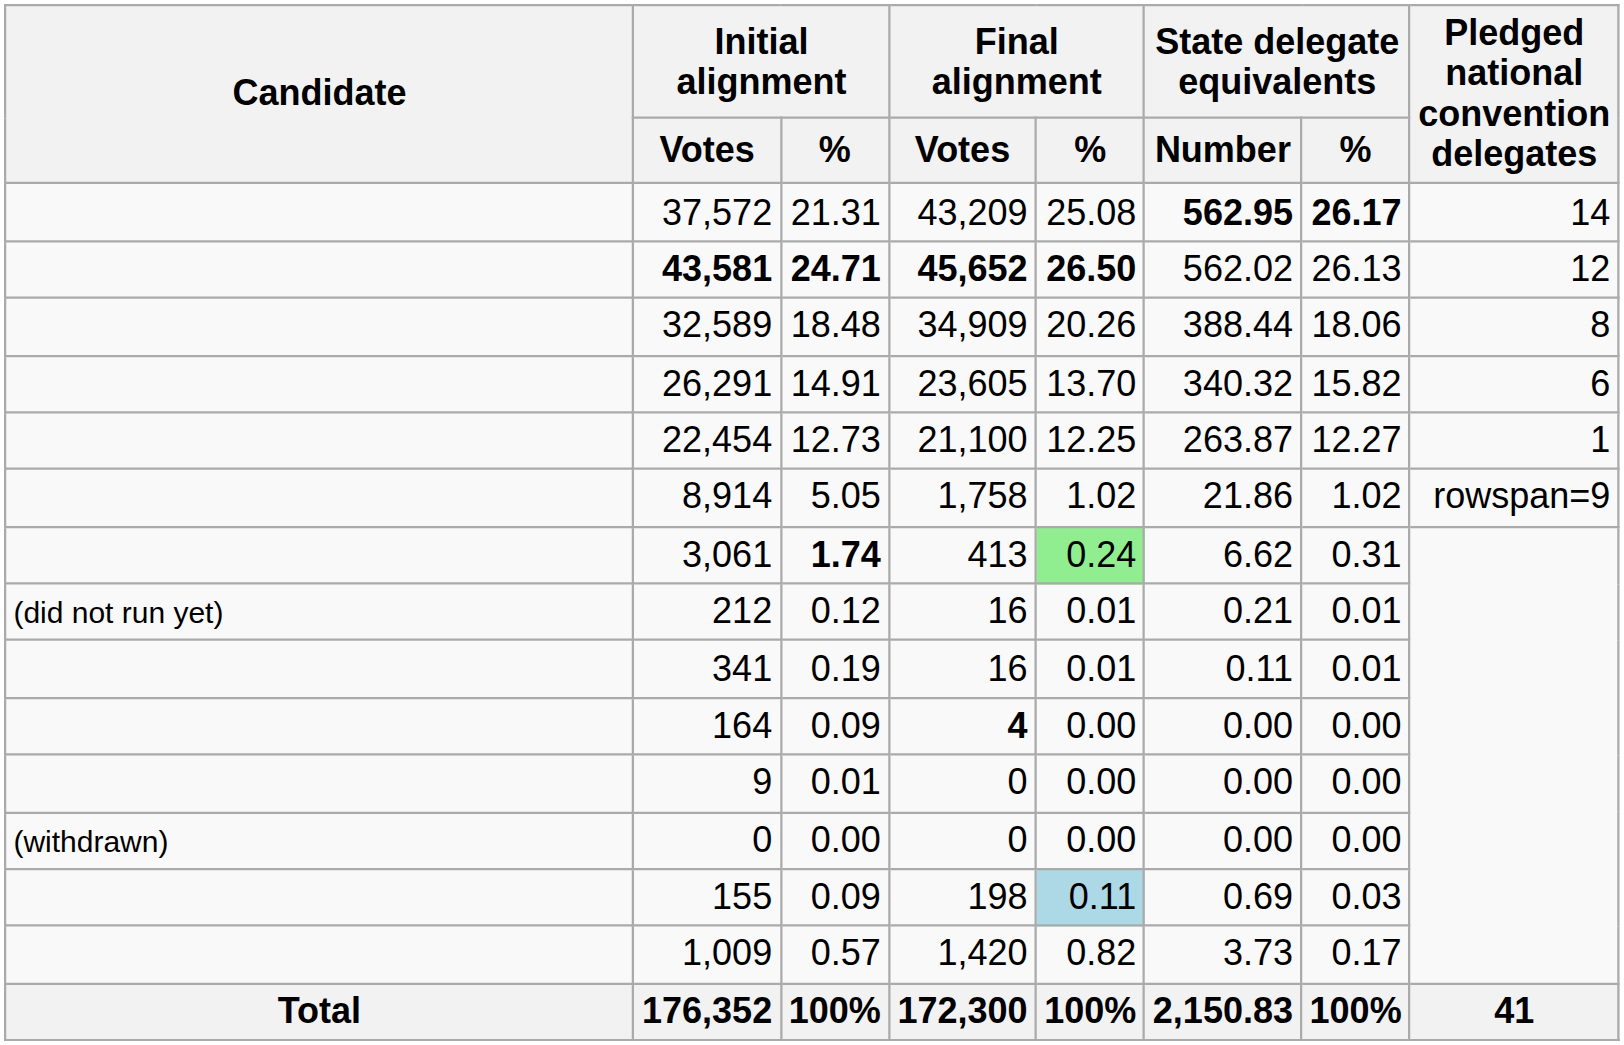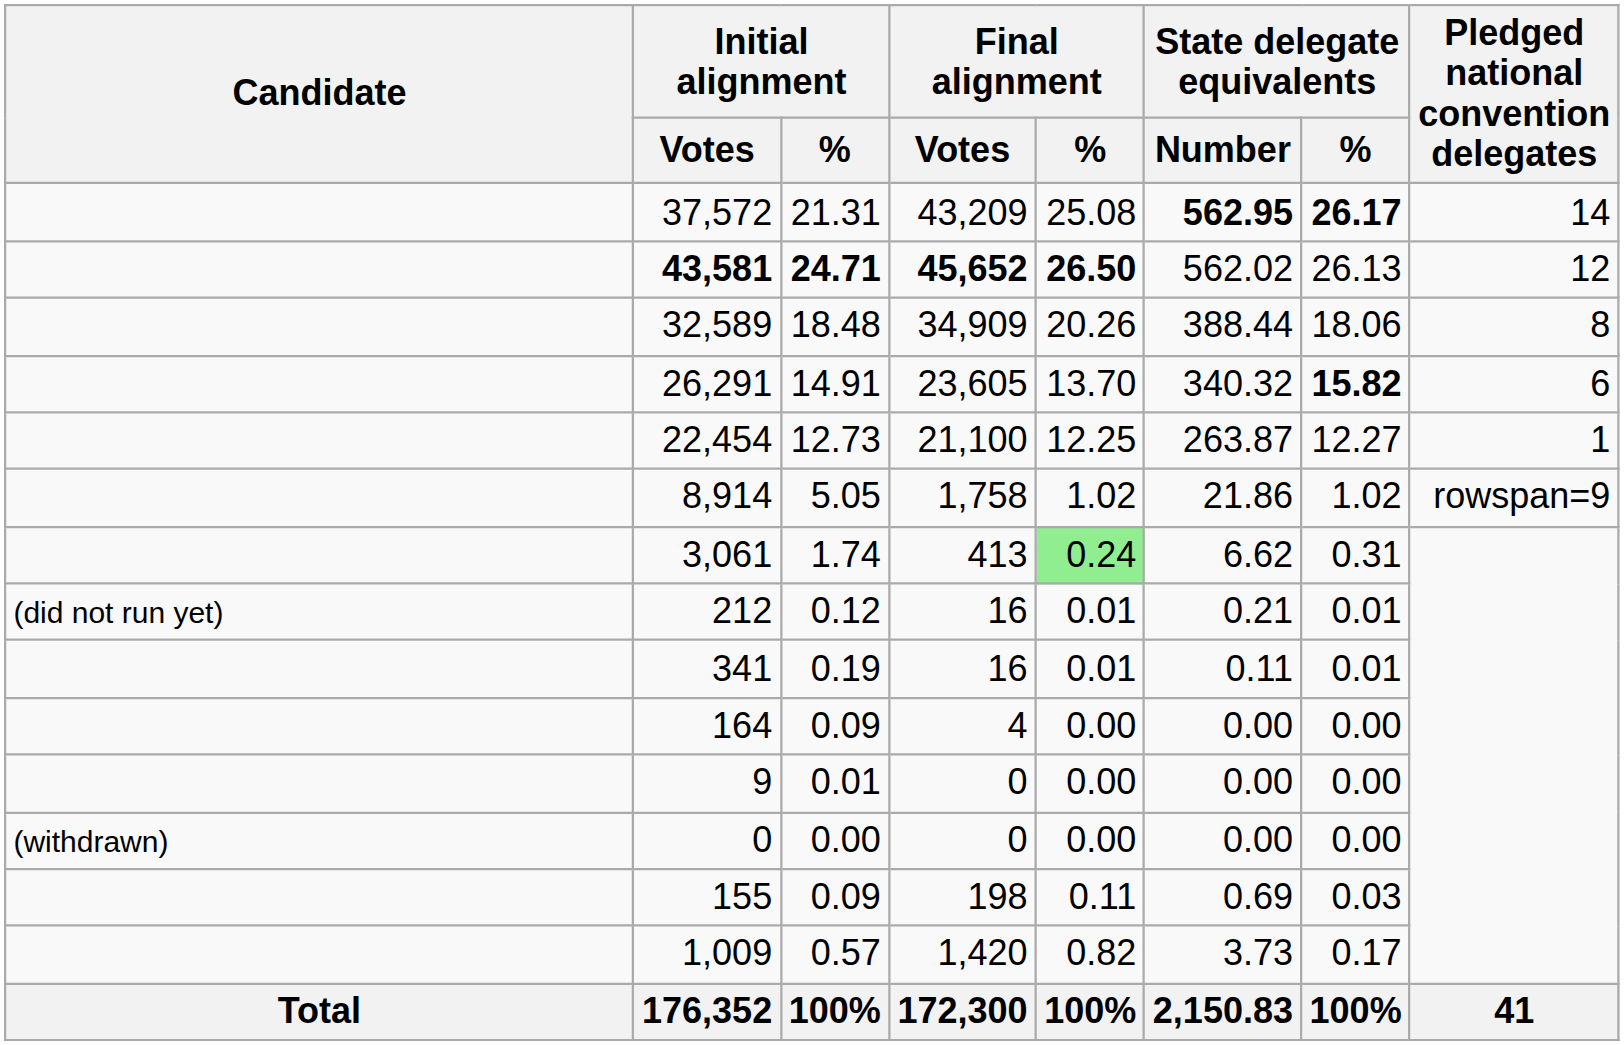 <table class="wikitable sortable" style="text-align:right">
 <tr>
 <th rowspan=2 style="width: 17em">Candidate</th>
 <th colspan=2>Initial<br>alignment</th>
 <th colspan=2>Final<br>alignment</th>
 <th colspan=2>State delegate<br>equivalents</th>
 <th rowspan=2>Pledged<br>national<br>convention<br>delegates</th>
 </tr>
 <tr>
 <th>Votes</th>
 <th>%</th>
 <th>Votes</th>
 <th>%</th>
 <th>Number</th>
 <th>%</th>
 </tr>
 <tr>
 <td style="text-align:left;"></td>
 <td>37,572         </td>
 <td>21.31          </td>
 <td>43,209         </td>
 <td>25.08          </td>
 <td><strong>562.95</strong>   </td>
 <td><strong>26.17</strong>    </td>
 <td>14</td>
 </tr>
 <tr>
 <td style="text-align:left;"></td>
 <td><strong>43,581</strong> </td>
 <td><strong>24.71</strong>  </td>
 <td><strong>45,652</strong> </td>
 <td><strong>26.50</strong>  </td>
 <td>562.02       </td>
 <td>26.13        </td>
 <td>12</td>
 </tr>
 <tr>
 <td style="text-align:left;"></td>
 <td>32,589   </td>
 <td>18.48    </td>
 <td>34,909   </td>
 <td>20.26    </td>
 <td>388.44   </td>
 <td>18.06    </td>
 <td>8</td>
 </tr>
 <tr>
 <td style="text-align:left;"></td>
 <td>26,291   </td>
 <td>14.91    </td>
 <td>23,605   </td>
 <td>13.70    </td>
 <td>340.32   </td>
-<td>15.82    </td>
+<td><strong>15.82    </strong></td>
 <td>6</td>
 </tr>
 <tr>
 <td style="text-align:left;"></td>
 <td>22,454   </td>
 <td>12.73    </td>
 <td>21,100   </td>
 <td>12.25    </td>
 <td>263.87   </td>
 <td>12.27    </td>
 <td>1</td>
 </tr>
 <tr>
 <td style="text-align:left;"></td>
 <td>8,914   </td>
 <td>5.05    </td>
 <td>1,758   </td>
 <td>1.02    </td>
 <td>21.86   </td>
 <td>1.02    </td>
 <td>rowspan=9 </td>
 </tr>
 <tr>
 <td style="text-align:left;"></td>
 <td>3,061  </td>
-<td><strong>1.74   </strong></td>
+<td>1.74   </td>
 <td>413    </td>
 <td style="background: lightgreen;">0.24   </td>
 <td>6.62   </td>
 <td>0.31   </td>
 </tr>
 <tr>
 <td style="text-align:left;"> <small>(did not run yet)</small></td>
 <td>212    </td>
 <td>0.12   </td>
 <td>16     </td>
 <td>0.01   </td>
 <td>0.21   </td>
 <td>0.01   </td>
 </tr>
 <tr>
 <td style="text-align:left;"></td>
 <td>341    </td>
 <td>0.19   </td>
 <td>16     </td>
 <td>0.01   </td>
 <td>0.11   </td>
 <td>0.01   </td>
 </tr>
 <tr>
 <td style="text-align:left;"></td>
 <td>164    </td>
 <td>0.09   </td>
-<td><strong>4      </strong></td>
+<td>4      </td>
 <td>0.00   </td>
 <td>0.00   </td>
 <td>0.00   </td>
 </tr>
 <tr>
 <td style="text-align:left;"></td>
 <td>9      </td>
 <td>0.01   </td>
 <td>0      </td>
 <td>0.00   </td>
 <td>0.00   </td>
 <td>0.00   </td>
 </tr>
 <tr>
 <td style="text-align:left;"> <small>(withdrawn)</small></td>
 <td>0      </td>
 <td>0.00   </td>
 <td>0      </td>
 <td>0.00   </td>
 <td>0.00   </td>
 <td>0.00   </td>
 </tr>
 <tr>
 <td style="text-align:left;"><em></em></td>
 <td>155    </td>
 <td>0.09   </td>
 <td>198    </td>
-<td style="background: lightblue;">0.11   </td>
+<td>0.11   </td>
 <td>0.69   </td>
 <td>0.03   </td>
 </tr>
 <tr>
 <td style="text-align:left;"><em></em></td>
 <td>1,009  </td>
 <td>0.57   </td>
 <td>1,420  </td>
 <td>0.82   </td>
 <td>3.73   </td>
 <td>0.17   </td>
 </tr>
 <tr style="background-color:#F6F6F6">
 <th>Total</th>
 <th>176,352    </th>
 <th>100%</th>
 <th>172,300    </th>
 <th>100%</th>
 <th>2,150.83 </th>
 <th>100%</th>
 <th>41         </th>
 </tr>
 <tr>
 </tr>
 </table>
